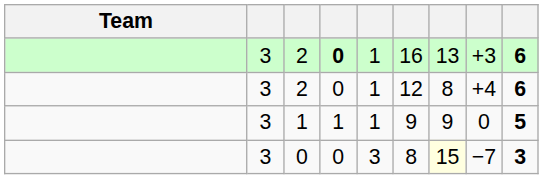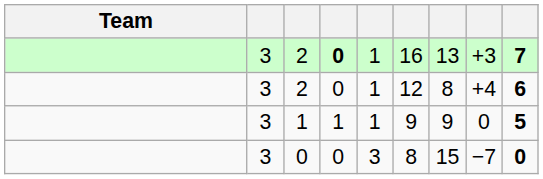 <table class="wikitable" style="text-align: center;">
 <tr>
 <th style="width:175px;">Team</th>
 <th width="20"></th>
 <th width="20"></th>
 <th width="20"></th>
 <th width="20"></th>
 <th width="20"></th>
 <th width="20"></th>
 <th width="20"></th>
 <th width="20"></th>
 </tr>
 <tr style="background:#cfc;">
 <td align=left></td>
 <td>3</td>
 <td>2</td>
 <td><strong>0</strong></td>
 <td>1</td>
 <td>16</td>
 <td>13</td>
 <td>+3</td>
-<td><strong>6</strong></td>
+<td><strong>7</strong></td>
 </tr>
 <tr>
 <td align=left></td>
 <td>3</td>
 <td>2</td>
 <td>0</td>
 <td>1</td>
 <td>12</td>
 <td>8</td>
 <td>+4</td>
 <td><strong>6</strong></td>
 </tr>
 <tr>
 <td align=left></td>
 <td>3</td>
 <td>1</td>
 <td>1</td>
 <td>1</td>
 <td>9</td>
 <td>9</td>
 <td>0</td>
 <td><strong>5</strong></td>
 </tr>
 <tr>
 <td align=left></td>
 <td>3</td>
 <td>0</td>
 <td>0</td>
 <td>3</td>
 <td>8</td>
-<td style="background: lightyellow;">15</td>
+<td>15</td>
 <td>−7</td>
-<td><strong>3</strong></td>
+<td><strong>0</strong></td>
 </tr>
 </table>
